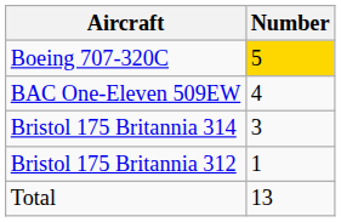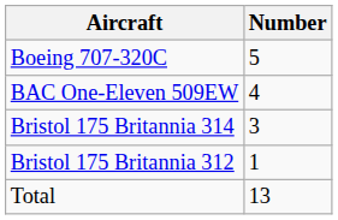 <table class="wikitable">
 <tr>
 <th>Aircraft</th>
 <th>Number</th>
 </tr>
 <tr>
 <td><a href='#'>Boeing 707-320C</a></td>
-<td style="background: gold;">5</td>
+<td>5</td>
 </tr>
 <tr>
 <td><a href='#'>BAC One-Eleven 509EW</a></td>
 <td>4</td>
 </tr>
 <tr>
 <td><a href='#'>Bristol 175 Britannia 314</a></td>
 <td>3</td>
 </tr>
 <tr>
 <td><a href='#'>Bristol 175 Britannia 312</a></td>
 <td>1</td>
 </tr>
 <tr>
 <td>Total</td>
 <td>13</td>
 </tr>
 </table>
